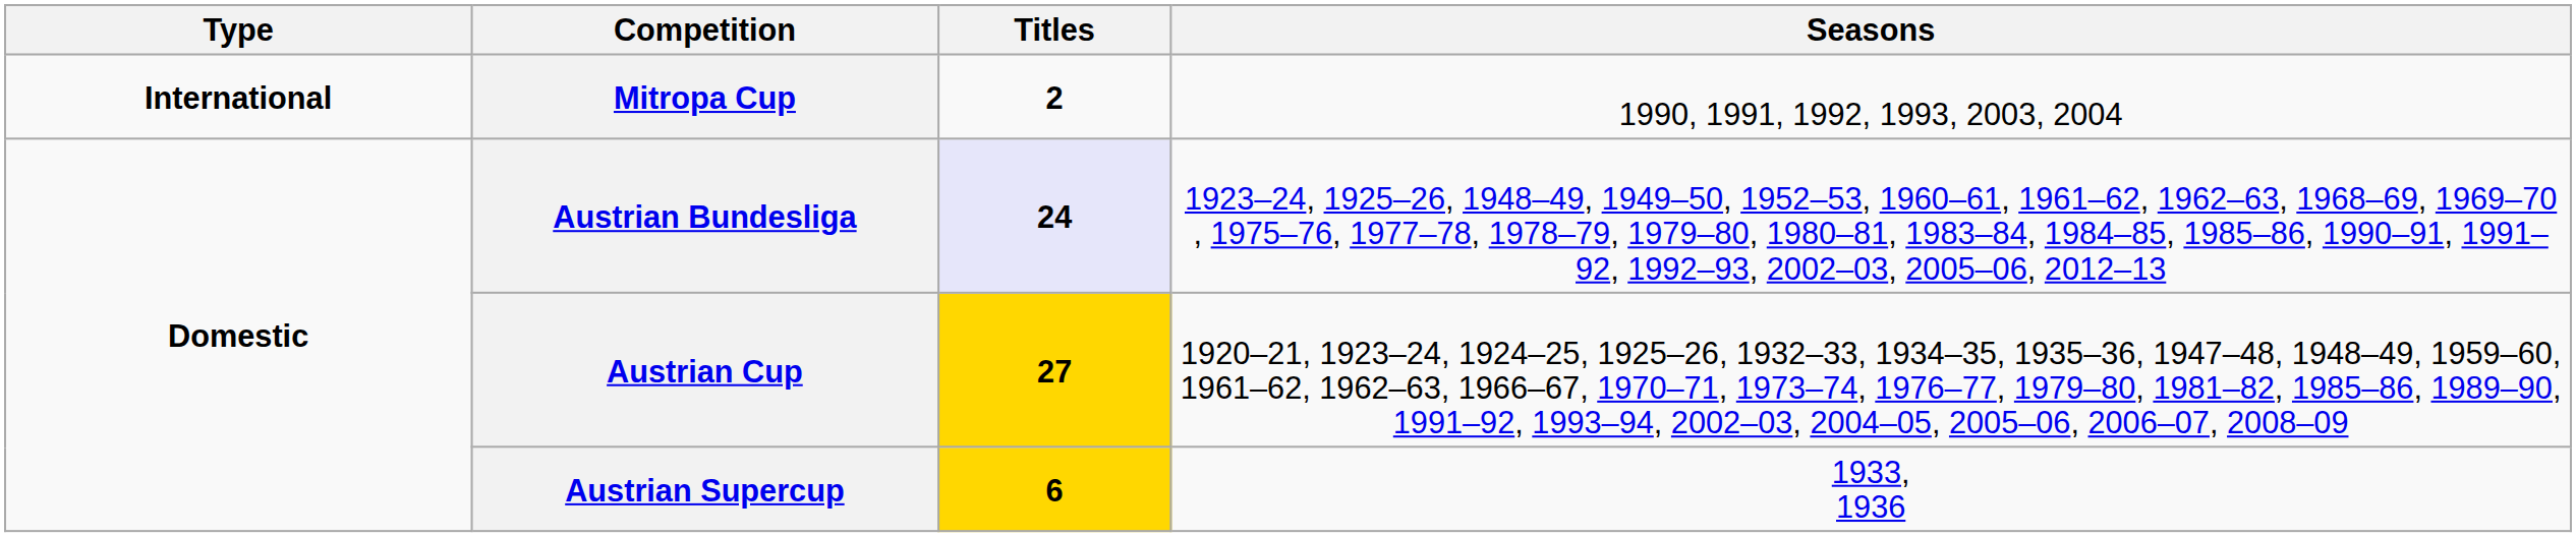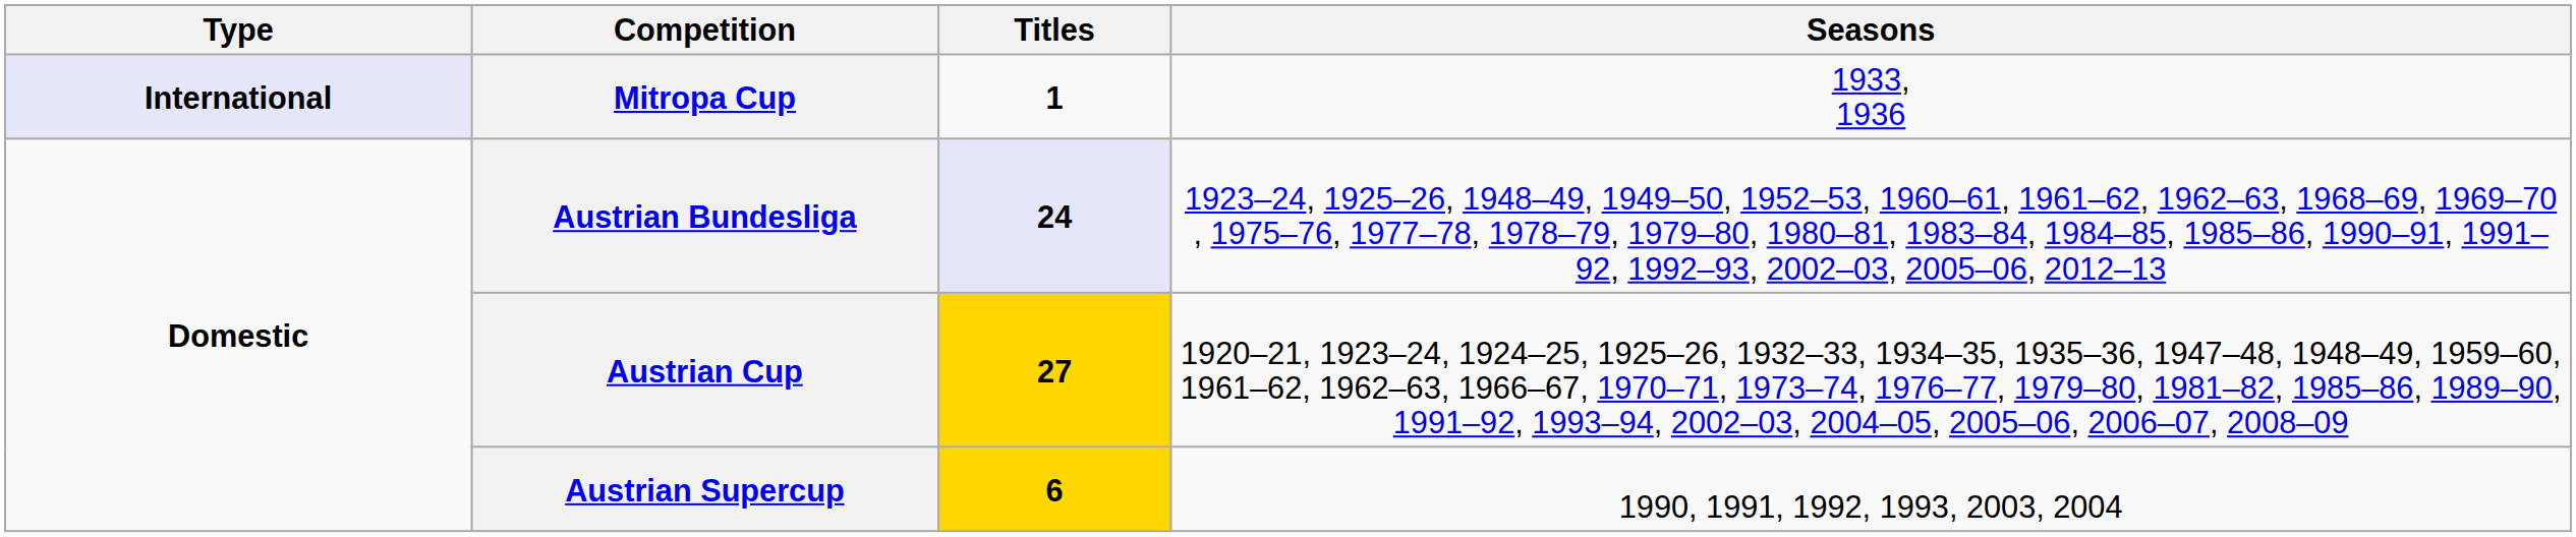 <table class="wikitable plainrowheaders" style="font-size:95%; text-align:center;">
 <tr>
 <th style="width: 10%;">Type</th>
 <th style="width: 10%;">Competition</th>
 <th style="width: 5%;">Titles</th>
 <th style="width: 30%;">Seasons</th>
 </tr>
 <tr>
-<td><strong>International</strong></td>
+<td style="background: lavender;"><strong>International</strong></td>
 <th><a href='#'>Mitropa Cup</a></th>
-<td><strong>2</strong></td>
-<td><br>1990,  1991,  1992,  1993,  2003,  2004</td>
+<td><strong>1</strong></td>
+<td><a href='#'>1933</a>,<br><a href='#'>1936</a></td>
 </tr>
 <tr>
 <td rowspan="3"><strong>Domestic</strong></td>
 <th scope=col><a href='#'>Austrian Bundesliga</a></th>
 <td style="background: lavender;"><strong>24</strong></td>
 <td><br><a href='#'>1923–24</a>,  <a href='#'>1925–26</a>,  <a href='#'>1948–49</a>,  <a href='#'>1949–50</a>,  <a href='#'>1952–53</a>,  <a href='#'>1960–61</a>,  <a href='#'>1961–62</a>,  <a href='#'>1962–63</a>,  <a href='#'>1968–69</a>,  <a href='#'>1969–70</a> ,  <a href='#'>1975–76</a>,  <a href='#'>1977–78</a>,  <a href='#'>1978–79</a>,  <a href='#'>1979–80</a>,  <a href='#'>1980–81</a>,  <a href='#'>1983–84</a>,  <a href='#'>1984–85</a>,  <a href='#'>1985–86</a>,  <a href='#'>1990–91</a>,  <a href='#'>1991–92</a>,  <a href='#'>1992–93</a>,  <a href='#'>2002–03</a>,  <a href='#'>2005–06</a>,  <a href='#'>2012–13</a></td>
 </tr>
 <tr>
 <th scope=col><a href='#'>Austrian Cup</a></th>
 <td scope=col style="background-color: gold"><strong>27</strong></td>
 <td><br>1920–21,  1923–24,  1924–25,  1925–26,  1932–33,  1934–35,  1935–36,  1947–48,  1948–49,  1959–60,  1961–62,  1962–63,  1966–67,  <a href='#'>1970–71</a>,  <a href='#'>1973–74</a>,  <a href='#'>1976–77</a>,  <a href='#'>1979–80</a>,  <a href='#'>1981–82</a>,  <a href='#'>1985–86</a>,  <a href='#'>1989–90</a>,  <a href='#'>1991–92</a>,  <a href='#'>1993–94</a>,  <a href='#'>2002–03</a>,  <a href='#'>2004–05</a>,  <a href='#'>2005–06</a>,  <a href='#'>2006–07</a>,  <a href='#'>2008–09</a></td>
 </tr>
 <tr>
 <th scope=col><a href='#'>Austrian Supercup</a></th>
 <td scope=col style="background-color: gold"><strong>6</strong></td>
-<td><a href='#'>1933</a>,<br><a href='#'>1936</a></td>
+<td><br>1990,  1991,  1992,  1993,  2003,  2004</td>
 </tr>
 </table>
